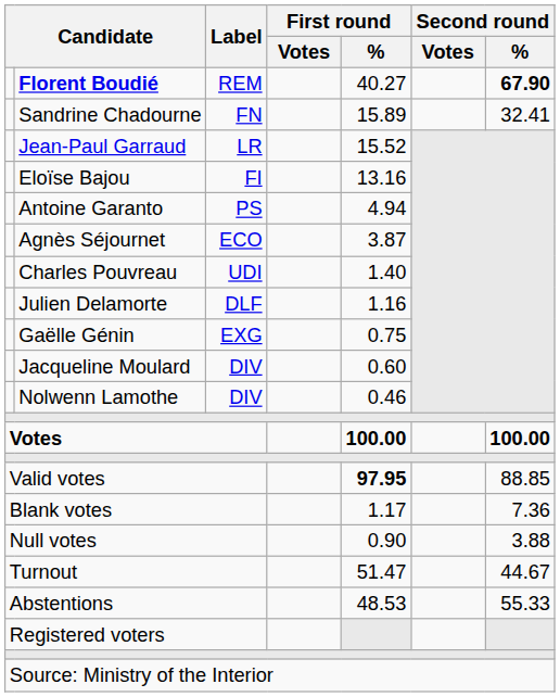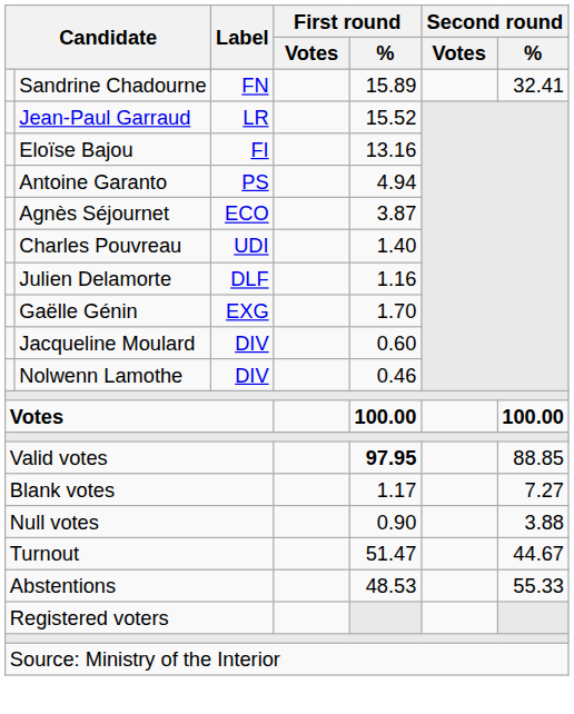 <table class="wikitable" style="text-align:right;font-size:95%;">
 <tr>
 <th rowspan="2" colspan="2">Candidate</th>
 <th rowspan="2">Label</th>
 <th colspan="2">First round</th>
 <th colspan="2">Second round</th>
 </tr>
 <tr>
 <th style="width:50px;">Votes</th>
 <th style="width:45px;">%</th>
 <th style="width:50px;">Votes</th>
 <th style="width:45px;">%</th>
-</tr>
-<tr>
-<td style="color:inherit;background:"></td>
-<td style="text-align:left;"><strong><a href='#'>Florent Boudié</a></strong></td>
-<td><a href='#'>REM</a></td>
-<td></td>
-<td>40.27</td>
-<td><strong></strong></td>
-<td><strong>67.90</strong></td>
 </tr>
 <tr>
 <td style="color:inherit;background:"></td>
 <td style="text-align:left;">Sandrine Chadourne</td>
 <td><a href='#'>FN</a></td>
 <td></td>
 <td>15.89</td>
 <td></td>
 <td>32.41</td>
 </tr>
 <tr>
 <td style="color:inherit;background:"></td>
 <td style="text-align:left;"><a href='#'>Jean-Paul Garraud</a></td>
 <td><a href='#'>LR</a></td>
 <td></td>
 <td>15.52</td>
 <td colspan="2" rowspan="9" style="background:#E9E9E9;"></td>
 </tr>
 <tr>
 <td style="color:inherit;background:"></td>
 <td style="text-align:left;">Eloïse Bajou</td>
 <td><a href='#'>FI</a></td>
 <td></td>
 <td>13.16</td>
 </tr>
 <tr>
 <td style="color:inherit;background:"></td>
 <td style="text-align:left;">Antoine Garanto</td>
 <td><a href='#'>PS</a></td>
 <td></td>
 <td>4.94</td>
 </tr>
 <tr>
 <td style="color:inherit;background:"></td>
 <td style="text-align:left;">Agnès Séjournet</td>
 <td><a href='#'>ECO</a></td>
 <td></td>
 <td>3.87</td>
 </tr>
 <tr>
 <td style="color:inherit;background:"></td>
 <td style="text-align:left;">Charles Pouvreau</td>
 <td><a href='#'>UDI</a></td>
 <td></td>
 <td>1.40</td>
 </tr>
 <tr>
 <td style="color:inherit;background:"></td>
 <td style="text-align:left;">Julien Delamorte</td>
 <td><a href='#'>DLF</a></td>
 <td></td>
 <td>1.16</td>
 </tr>
 <tr>
 <td style="color:inherit;background:"></td>
 <td style="text-align:left;">Gaëlle Génin</td>
 <td><a href='#'>EXG</a></td>
 <td></td>
-<td>0.75</td>
+<td>1.70</td>
 </tr>
 <tr>
 <td style="color:inherit;background:"></td>
 <td style="text-align:left;">Jacqueline Moulard</td>
 <td><a href='#'>DIV</a></td>
 <td></td>
 <td>0.60</td>
 </tr>
 <tr>
 <td style="color:inherit;background:"></td>
 <td style="text-align:left;">Nolwenn Lamothe</td>
 <td><a href='#'>DIV</a></td>
 <td></td>
 <td>0.46</td>
 </tr>
 <tr>
 <td colspan="7" style="background:#E9E9E9;"></td>
 </tr>
 <tr style="font-weight:bold;">
 <td colspan="3" style="text-align:left;">Votes</td>
 <td></td>
 <td>100.00</td>
 <td></td>
 <td>100.00</td>
 </tr>
 <tr>
 <td colspan="7" style="background:#E9E9E9;"></td>
 </tr>
 <tr>
 <td colspan="3" style="text-align:left;">Valid votes</td>
 <td></td>
 <td><strong>97.95</strong></td>
 <td></td>
 <td>88.85</td>
 </tr>
 <tr>
 <td colspan="3" style="text-align:left;">Blank votes</td>
 <td></td>
 <td>1.17</td>
 <td></td>
-<td>7.36</td>
+<td>7.27</td>
 </tr>
 <tr>
 <td colspan="3" style="text-align:left;">Null votes</td>
 <td></td>
 <td>0.90</td>
 <td></td>
 <td>3.88</td>
 </tr>
 <tr>
 <td colspan="3" style="text-align:left;">Turnout</td>
 <td></td>
 <td>51.47</td>
 <td></td>
 <td>44.67</td>
 </tr>
 <tr>
 <td colspan="3" style="text-align:left;">Abstentions</td>
 <td></td>
 <td>48.53</td>
 <td></td>
 <td>55.33</td>
 </tr>
 <tr>
 <td colspan="3" style="text-align:left;">Registered voters</td>
 <td></td>
 <td style="color:inherit;background:#E9E9E9;"></td>
 <td></td>
 <td style="color:inherit;background:#E9E9E9;"></td>
 </tr>
 <tr>
 <td colspan="7" style="background:#E9E9E9;"></td>
 </tr>
 <tr>
 <td colspan="7" style="text-align:left;">Source: Ministry of the Interior</td>
 </tr>
 </table>
